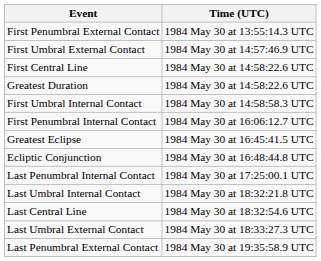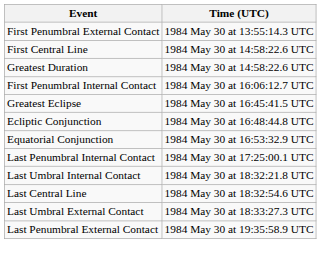 <table class="wikitable">
 <tr>
 <th>Event</th>
 <th>Time (UTC)</th>
 </tr>
 <tr>
 <td>First Penumbral External Contact</td>
 <td>1984 May 30 at 13:55:14.3 UTC</td>
 </tr>
 <tr>
-<td>First Umbral External Contact</td>
-<td>1984 May 30 at 14:57:46.9 UTC</td>
-</tr>
-<tr>
 <td>First Central Line</td>
 <td>1984 May 30 at 14:58:22.6 UTC</td>
 </tr>
 <tr>
 <td>Greatest Duration</td>
 <td>1984 May 30 at 14:58:22.6 UTC</td>
-</tr>
-<tr>
-<td>First Umbral Internal Contact</td>
-<td>1984 May 30 at 14:58:58.3 UTC</td>
 </tr>
 <tr>
 <td>First Penumbral Internal Contact</td>
 <td>1984 May 30 at 16:06:12.7 UTC</td>
 </tr>
 <tr>
 <td>Greatest Eclipse</td>
 <td>1984 May 30 at 16:45:41.5 UTC</td>
 </tr>
 <tr>
 <td>Ecliptic Conjunction</td>
 <td>1984 May 30 at 16:48:44.8 UTC</td>
+</tr>
+<tr>
+<td>Equatorial Conjunction</td>
+<td>1984 May 30 at 16:53:32.9 UTC</td>
 </tr>
 <tr>
 <td>Last Penumbral Internal Contact</td>
 <td>1984 May 30 at 17:25:00.1 UTC</td>
 </tr>
 <tr>
 <td>Last Umbral Internal Contact</td>
 <td>1984 May 30 at 18:32:21.8 UTC</td>
 </tr>
 <tr>
 <td>Last Central Line</td>
 <td>1984 May 30 at 18:32:54.6 UTC</td>
 </tr>
 <tr>
 <td>Last Umbral External Contact</td>
 <td>1984 May 30 at 18:33:27.3 UTC</td>
 </tr>
 <tr>
 <td>Last Penumbral External Contact</td>
 <td>1984 May 30 at 19:35:58.9 UTC</td>
 </tr>
 </table>
